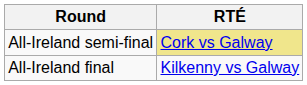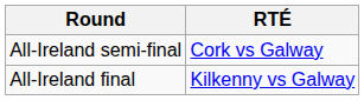 <table class="wikitable">
 <tr>
 <th>Round</th>
 <th>RTÉ</th>
 </tr>
 <tr>
 <td>All-Ireland semi-final</td>
-<td style="background: khaki;"><a href='#'>Cork vs Galway</a></td>
+<td><a href='#'>Cork vs Galway</a></td>
 </tr>
 <tr>
 <td>All-Ireland final</td>
 <td><a href='#'>Kilkenny vs Galway</a></td>
 </tr>
 </table>
